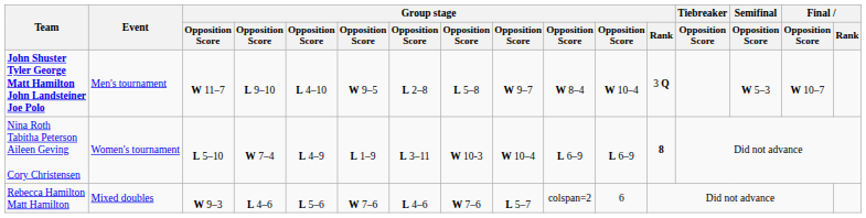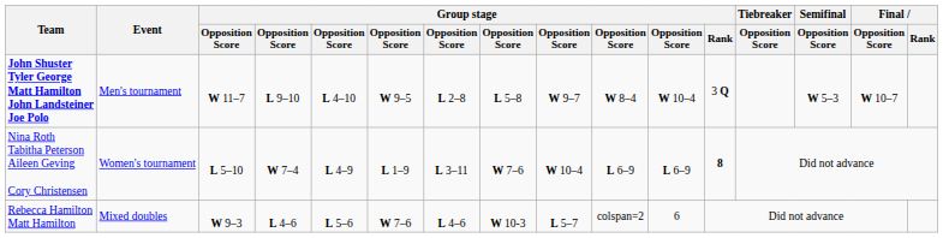 <table class=wikitable style=font-size:90%;text-align:center>
 <tr>
 <th rowspan=2>Team</th>
 <th rowspan=2>Event</th>
 <th colspan=10>Group stage</th>
 <th>Tiebreaker</th>
 <th>Semifinal</th>
 <th colspan=2>Final / </th>
 </tr>
 <tr style=font-size:95%>
 <th>Opposition<br>Score</th>
 <th>Opposition<br>Score</th>
 <th>Opposition<br>Score</th>
 <th>Opposition<br>Score</th>
 <th>Opposition<br>Score</th>
 <th>Opposition<br>Score</th>
 <th>Opposition<br>Score</th>
 <th>Opposition<br>Score</th>
 <th>Opposition<br>Score</th>
 <th>Rank</th>
 <th>Opposition<br>Score</th>
 <th>Opposition<br>Score</th>
 <th>Opposition<br>Score</th>
 <th>Rank</th>
 </tr>
 <tr>
 <td align=left><strong><a href='#'>John Shuster</a><br><a href='#'>Tyler George</a><br><a href='#'>Matt Hamilton</a><br><a href='#'>John Landsteiner</a><br><a href='#'>Joe Polo</a></strong></td>
 <td align=left><a href='#'>Men's tournament</a></td>
 <td><br><strong>W</strong> 11–7</td>
 <td><br><strong>L</strong> 9–10</td>
 <td><br> <strong>L</strong> 4–10</td>
 <td><br><strong>W</strong> 9–5</td>
 <td><br><strong>L</strong> 2–8</td>
 <td><br> <strong>L</strong> 5–8</td>
 <td><br> <strong>W</strong> 9–7</td>
 <td><br><strong>W</strong> 8–4</td>
 <td><br><strong>W</strong> 10–4</td>
 <td>3 <strong>Q</strong></td>
 <td></td>
 <td><br> <strong>W</strong> 5–3</td>
 <td><br><strong>W</strong> 10–7</td>
 <td></td>
 </tr>
 <tr>
 <td align=left><a href='#'>Nina Roth</a><br><a href='#'>Tabitha Peterson</a><br><a href='#'>Aileen Geving</a><br><br><a href='#'>Cory Christensen</a></td>
 <td align=left><a href='#'>Women's tournament</a></td>
 <td><br><strong>L</strong> 5–10</td>
 <td><br><strong>W</strong> 7–4</td>
 <td><br><strong>L</strong> 4–9</td>
 <td><br><strong>L</strong> 1–9</td>
 <td><br> <strong>L</strong> 3–11</td>
-<td><br><strong>W</strong> 10-3</td>
+<td><br><strong>W</strong> 7–6</td>
 <td><br> <strong>W</strong> 10–4</td>
 <td><br><strong>L</strong> 6–9</td>
 <td><br> <strong>L</strong> 6–9</td>
 <td><strong>8</strong></td>
 <td colspan=4>Did not advance</td>
 </tr>
 <tr>
 <td align=left><a href='#'>Rebecca Hamilton</a><br><a href='#'>Matt Hamilton</a></td>
 <td align=left><a href='#'>Mixed doubles</a></td>
 <td><br><strong>W</strong> 9–3</td>
 <td><br><strong>L</strong> 4–6</td>
 <td><br><strong>L</strong> 5–6</td>
 <td><br> <strong>W</strong> 7–6</td>
 <td><br><strong>L</strong> 4–6</td>
-<td><br><strong>W</strong> 7–6</td>
+<td><br><strong>W</strong> 10-3</td>
 <td><br><strong>L</strong> 5–7</td>
 <td>colspan=2 </td>
 <td>6</td>
 <td colspan=4>Did not advance</td>
 </tr>
 </table>
